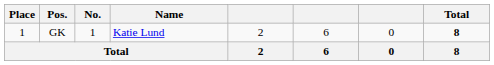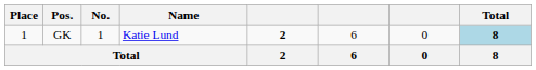 <table class="wikitable sortable" style="font-size: 95%; text-align: center;">
 <tr>
 <th width=40>Place</th>
 <th width=40>Pos.</th>
 <th width=40>No.</th>
 <th width=150>Name</th>
 <th width=80></th>
 <th width=80></th>
 <th width=80></th>
 <th width=80><strong>Total</strong></th>
 </tr>
 <tr>
 <td>1</td>
 <td>GK</td>
 <td>1</td>
 <td align="left"> <a href='#'>Katie Lund</a></td>
-<td>2</td>
+<td><strong>2</strong></td>
 <td>6</td>
 <td>0</td>
-<td><strong>8</strong></td>
+<td style="background: lightblue;"><strong>8</strong></td>
 </tr>
 <tr>
 <th colspan="4">Total</th>
 <th>2</th>
 <th>6</th>
 <th>0</th>
 <th>8</th>
 </tr>
 </table>
